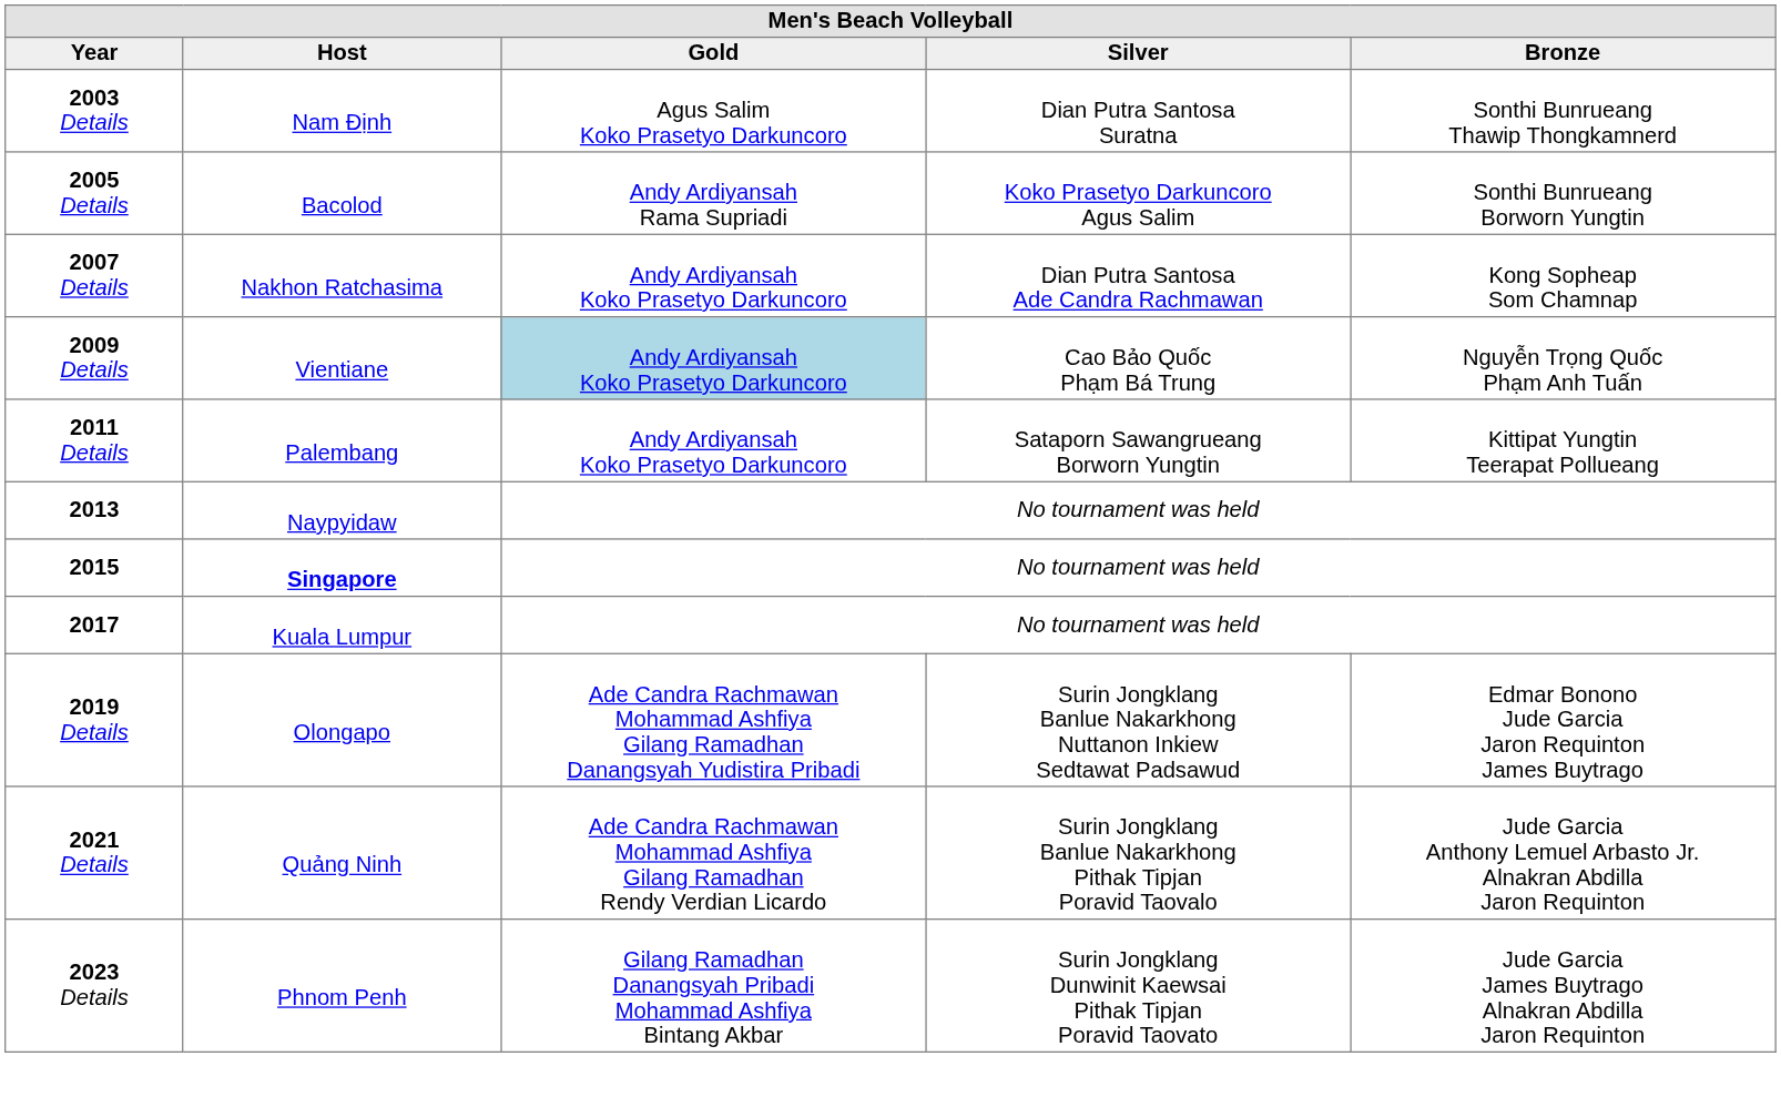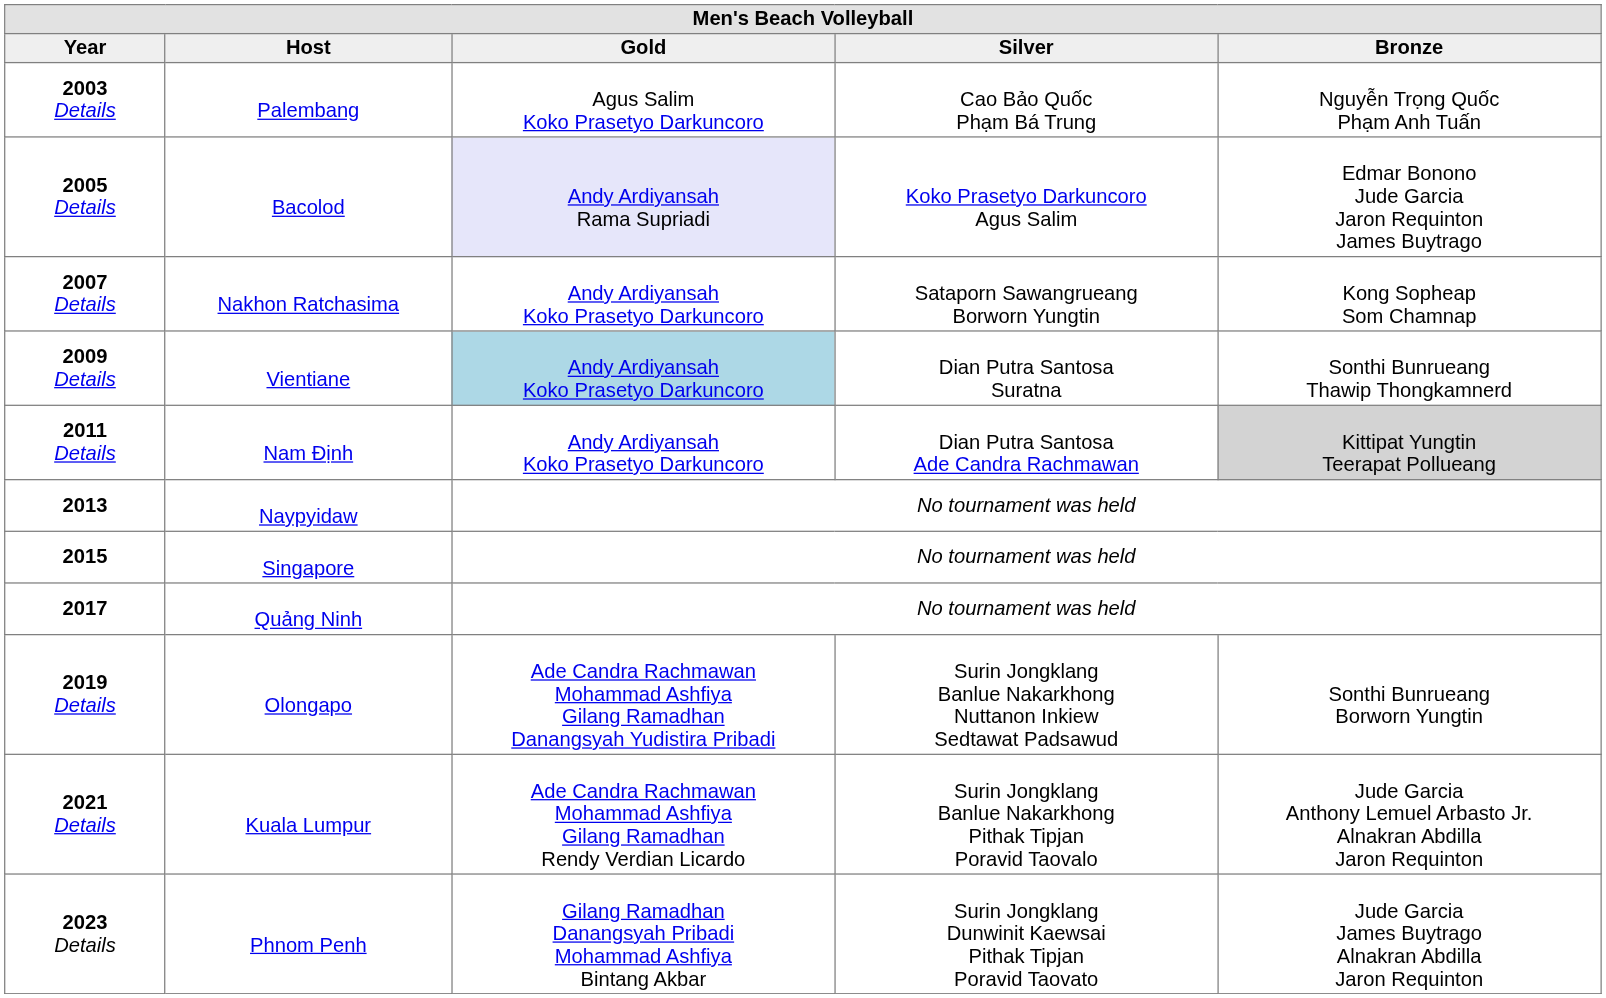 <table class="toccolours" border="1" cellpadding="2" style="border-collapse: collapse; text-align: center; width: 80%; margin: 0 auto;">
 <tr style= "background: #e2e2e2;">
 <th colspan="6" style="width:100%;">Men's Beach Volleyball</th>
 </tr>
 <tr style="background: #efefef;">
 <th width=10%>Year</th>
 <th width=18%>Host</th>
 <th width=24%> Gold</th>
 <th width=24%> Silver</th>
 <th width=24%> Bronze</th>
 </tr>
 <tr>
 <td><strong>2003</strong><br><em><a href='#'>Details</a></em></td>
-<td><br><a href='#'>Nam Định</a></td>
+<td><br><a href='#'>Palembang</a></td>
 <td><strong></strong> <br> Agus Salim <br> <a href='#'>Koko Prasetyo Darkuncoro</a></td>
-<td><strong></strong> <br> Dian Putra Santosa<br>Suratna</td>
-<td><strong></strong> <br> Sonthi Bunrueang <br> Thawip Thongkamnerd</td>
+<td><strong></strong> <br> Cao Bảo Quốc <br> Phạm Bá Trung</td>
+<td><strong></strong> <br> Nguyễn Trọng Quốc<br>Phạm Anh Tuấn</td>
 </tr>
 <tr>
 <td><strong>2005</strong><br><em><a href='#'>Details</a></em></td>
 <td><br><a href='#'>Bacolod</a></td>
-<td><strong></strong> <br> <a href='#'>Andy Ardiyansah</a> <br> Rama Supriadi</td>
+<td style="background: lavender;"><strong></strong> <br> <a href='#'>Andy Ardiyansah</a> <br> Rama Supriadi</td>
 <td><strong></strong> <br> <a href='#'>Koko Prasetyo Darkuncoro</a> <br> Agus Salim</td>
-<td><strong></strong> <br> Sonthi Bunrueang <br> Borworn Yungtin</td>
+<td><strong></strong> <br> Edmar Bonono<br>Jude Garcia<br>Jaron Requinton<br>James Buytrago</td>
 </tr>
 <tr>
 <td><strong>2007</strong><br><em><a href='#'>Details</a></em></td>
 <td><br><a href='#'>Nakhon Ratchasima</a></td>
 <td><strong></strong> <br> <a href='#'>Andy Ardiyansah</a><br><a href='#'>Koko Prasetyo Darkuncoro</a></td>
-<td><strong></strong> <br> Dian Putra Santosa<br><a href='#'>Ade Candra Rachmawan</a></td>
+<td><strong></strong> <br> Sataporn Sawangrueang<br>Borworn Yungtin</td>
 <td><strong></strong> <br> Kong Sopheap<br>Som Chamnap</td>
 </tr>
 <tr>
 <td><strong>2009</strong><br><em><a href='#'>Details</a></em></td>
 <td><br><a href='#'>Vientiane</a></td>
 <td style="background: lightblue;"><strong></strong> <br> <a href='#'>Andy Ardiyansah</a><br><a href='#'>Koko Prasetyo Darkuncoro</a></td>
-<td><strong></strong> <br> Cao Bảo Quốc <br> Phạm Bá Trung</td>
-<td><strong></strong> <br> Nguyễn Trọng Quốc<br>Phạm Anh Tuấn</td>
+<td><strong></strong> <br> Dian Putra Santosa<br>Suratna</td>
+<td><strong></strong> <br> Sonthi Bunrueang <br> Thawip Thongkamnerd</td>
 </tr>
 <tr>
 <td><strong>2011</strong><br><em><a href='#'>Details</a></em></td>
-<td><br><a href='#'>Palembang</a></td>
+<td><br><a href='#'>Nam Định</a></td>
 <td><strong></strong> <br> <a href='#'>Andy Ardiyansah</a><br><a href='#'>Koko Prasetyo Darkuncoro</a></td>
-<td><strong></strong> <br> Sataporn Sawangrueang<br>Borworn Yungtin</td>
-<td><strong></strong> <br> Kittipat Yungtin<br>Teerapat Pollueang</td>
+<td><strong></strong> <br> Dian Putra Santosa<br><a href='#'>Ade Candra Rachmawan</a></td>
+<td style="background: lightgrey;"><strong></strong> <br> Kittipat Yungtin<br>Teerapat Pollueang</td>
 </tr>
 <tr>
 <td><strong>2013</strong><br></td>
 <td><br><a href='#'>Naypyidaw</a></td>
 <td colspan=3><em>No tournament was held</em></td>
 </tr>
 <tr>
 <td><strong>2015</strong><br></td>
-<td><strong><br><a href='#'>Singapore</a></strong></td>
+<td><br><a href='#'>Singapore</a></td>
 <td colspan=3><em>No tournament was held</em></td>
 </tr>
 <tr>
 <td><strong>2017</strong><br></td>
-<td><br><a href='#'>Kuala Lumpur</a></td>
+<td><br><a href='#'>Quảng Ninh</a></td>
 <td colspan=3><em>No tournament was held</em></td>
 </tr>
 <tr>
 <td><strong>2019</strong><br><em><a href='#'>Details</a></em></td>
 <td><br><a href='#'>Olongapo</a></td>
 <td><strong></strong> <br> <a href='#'>Ade Candra Rachmawan</a><br><a href='#'>Mohammad Ashfiya</a><br><a href='#'>Gilang Ramadhan</a><br><a href='#'>Danangsyah Yudistira Pribadi</a></td>
 <td><strong></strong> <br> Surin Jongklang<br>Banlue Nakarkhong<br>Nuttanon Inkiew<br>Sedtawat Padsawud</td>
-<td><strong></strong> <br> Edmar Bonono<br>Jude Garcia<br>Jaron Requinton<br>James Buytrago</td>
+<td><strong></strong> <br> Sonthi Bunrueang <br> Borworn Yungtin</td>
 </tr>
 <tr>
 <td><strong>2021</strong><br><em><a href='#'>Details</a></em></td>
-<td><br><a href='#'>Quảng Ninh</a></td>
+<td><br><a href='#'>Kuala Lumpur</a></td>
 <td><strong></strong> <br> <a href='#'>Ade Candra Rachmawan</a><br><a href='#'>Mohammad Ashfiya</a><br><a href='#'>Gilang Ramadhan</a><br>Rendy Verdian Licardo</td>
 <td><strong></strong> <br> Surin Jongklang<br>Banlue Nakarkhong<br>Pithak Tipjan<br>Poravid Taovalo</td>
 <td><strong></strong> <br> Jude Garcia<br>Anthony Lemuel Arbasto Jr.<br>Alnakran Abdilla<br>Jaron Requinton</td>
 </tr>
 <tr>
 <td><strong>2023</strong><br><em>Details</em></td>
 <td><br><a href='#'>Phnom Penh</a></td>
 <td><strong></strong> <br> <a href='#'>Gilang Ramadhan</a><br><a href='#'>Danangsyah Pribadi</a><br><a href='#'>Mohammad Ashfiya</a><br>Bintang Akbar</td>
 <td><strong></strong> <br> Surin Jongklang<br>Dunwinit Kaewsai<br>Pithak Tipjan<br>Poravid Taovato</td>
 <td><strong></strong> <br> Jude Garcia<br>James Buytrago<br>Alnakran Abdilla<br>Jaron Requinton</td>
 </tr>
 </table>
